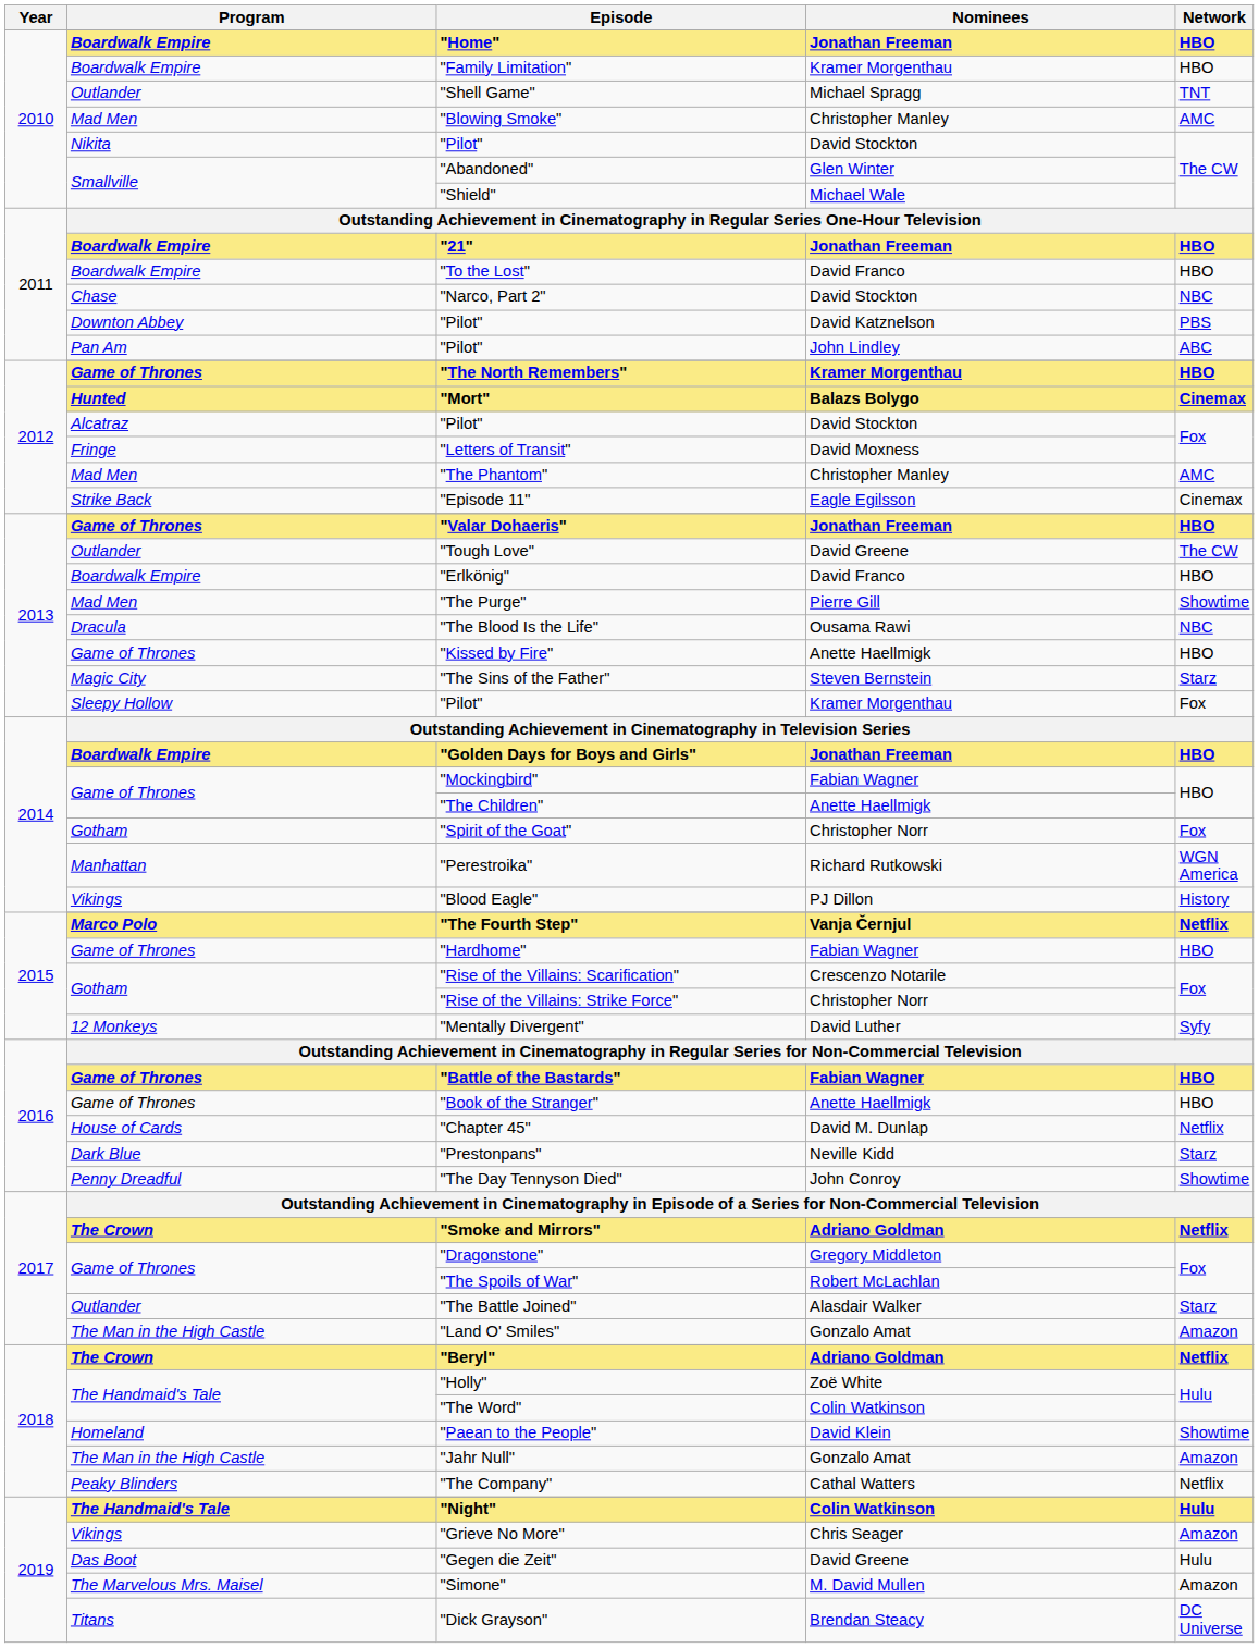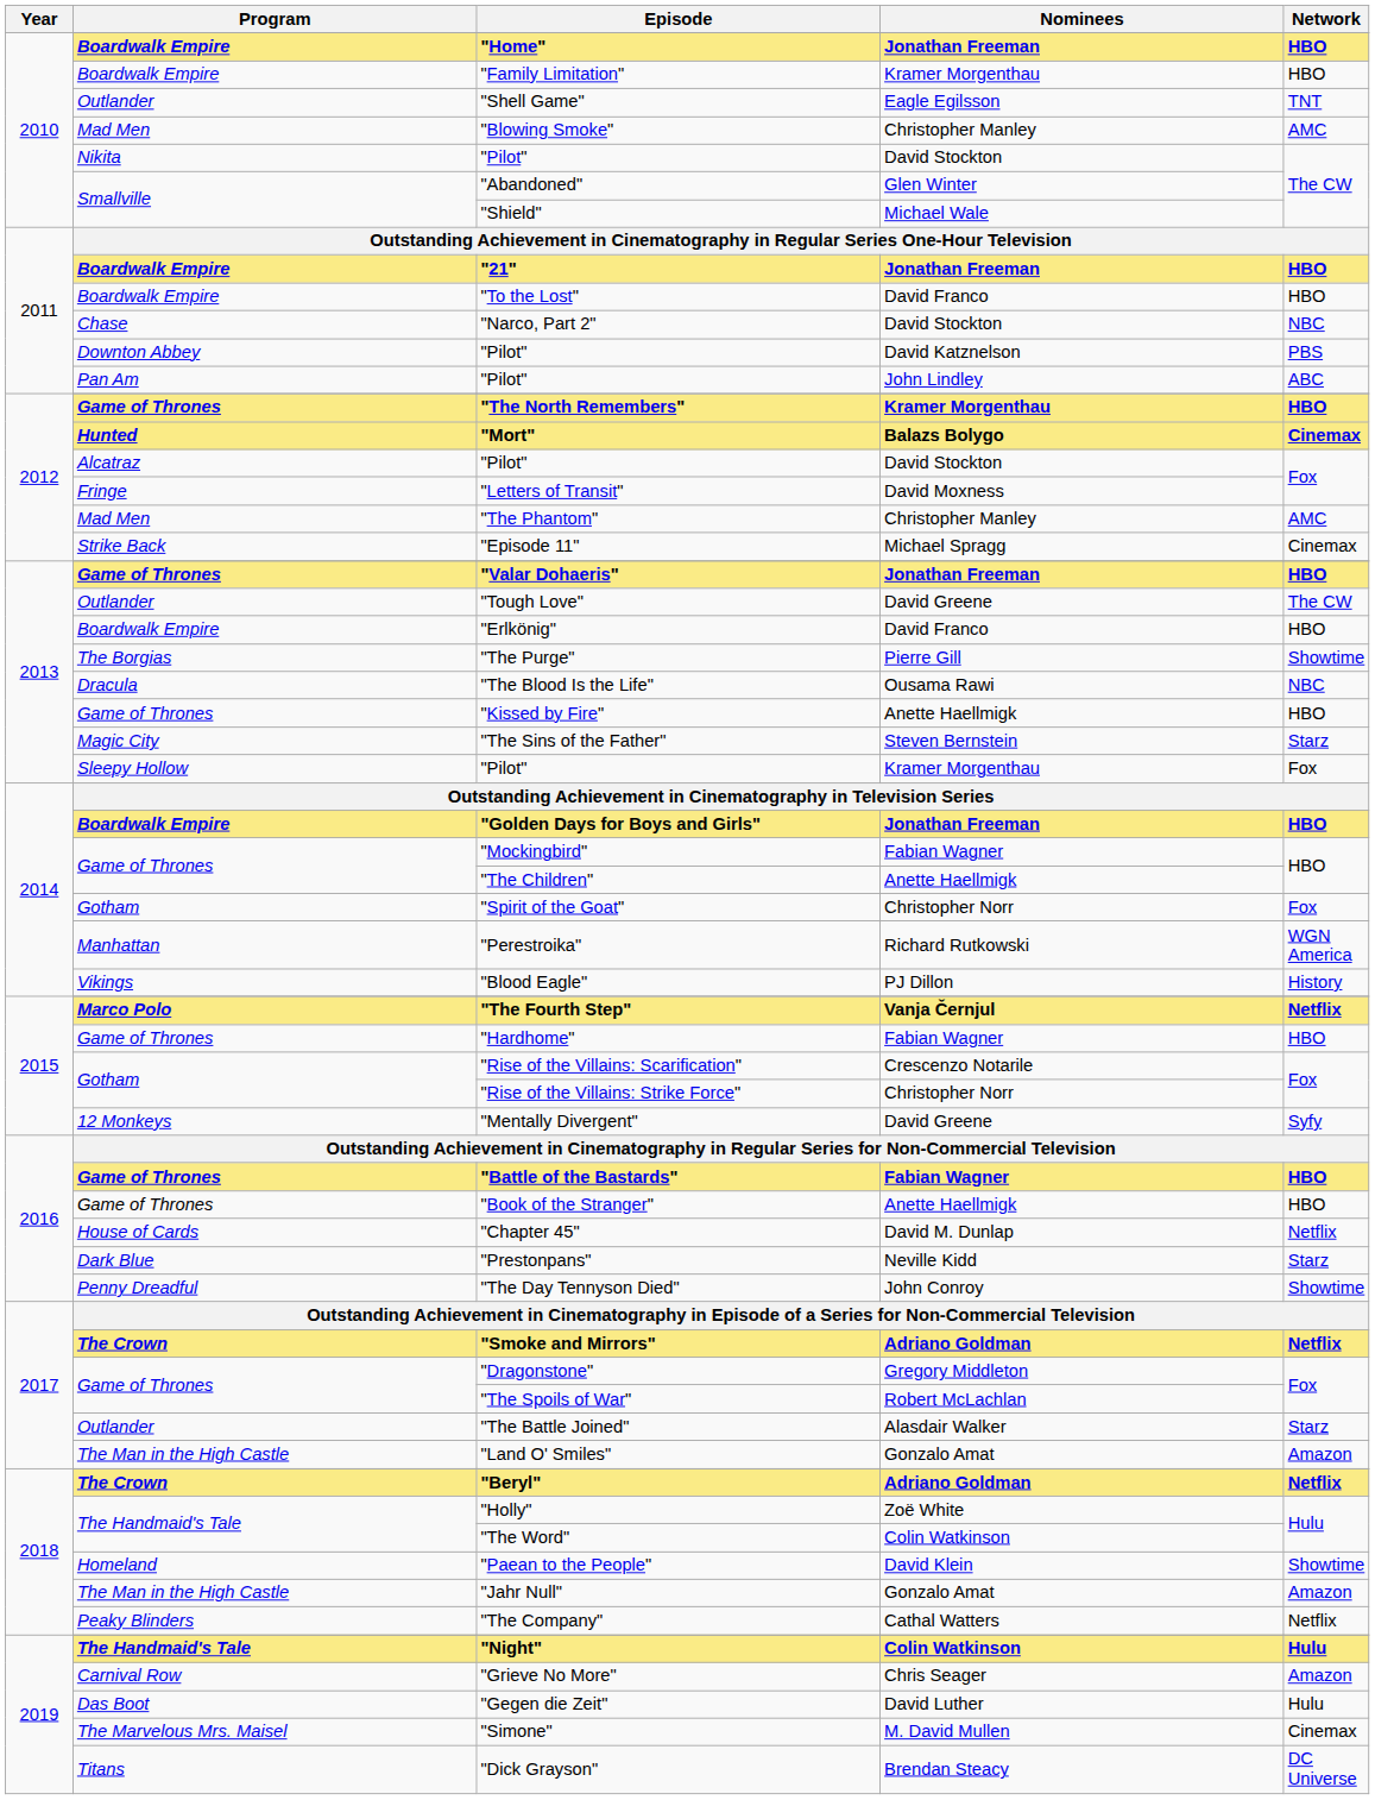 <table class="wikitable">
 <tr>
 <th width="5%">Year</th>
 <th width="30%">Program</th>
 <th width="30%">Episode</th>
 <th width="30%">Nominees</th>
 <th width="5%">Network</th>
 </tr>
 <tr>
 <td rowspan="8" style="text-align:center;"><a href='#'>2010</a><br></td>
 </tr>
 <tr style="background:#FAEB86;">
 <td><strong><em><a href='#'>Boardwalk Empire</a></em></strong></td>
 <td><strong>"<a href='#'>Home</a>"</strong></td>
 <td><strong><a href='#'>Jonathan Freeman</a></strong></td>
 <td><strong><a href='#'>HBO</a></strong></td>
 </tr>
 <tr>
 <td><em><a href='#'>Boardwalk Empire</a></em></td>
 <td>"<a href='#'>Family Limitation</a>"</td>
 <td><a href='#'>Kramer Morgenthau</a></td>
 <td>HBO</td>
 </tr>
 <tr>
 <td><em><a href='#'>Outlander</a></em></td>
 <td>"Shell Game"</td>
-<td>Michael Spragg</td>
+<td><a href='#'>Eagle Egilsson</a></td>
 <td><a href='#'>TNT</a></td>
 </tr>
 <tr>
 <td><em><a href='#'>Mad Men</a></em></td>
 <td>"<a href='#'>Blowing Smoke</a>"</td>
 <td>Christopher Manley</td>
 <td><a href='#'>AMC</a></td>
 </tr>
 <tr>
 <td><em><a href='#'>Nikita</a></em></td>
 <td>"<a href='#'>Pilot</a>"</td>
 <td>David Stockton</td>
 <td rowspan=3><a href='#'>The CW</a></td>
 </tr>
 <tr>
 <td rowspan=2><em><a href='#'>Smallville</a></em></td>
 <td>"Abandoned"</td>
 <td><a href='#'>Glen Winter</a></td>
 </tr>
 <tr>
 <td>"Shield"</td>
 <td><a href='#'>Michael Wale</a></td>
 </tr>
 <tr>
 <td rowspan="6" style="text-align:center;">2011<br></td>
 <th colspan="4">Outstanding Achievement in Cinematography in Regular Series One-Hour Television</th>
 </tr>
 <tr style="background:#FAEB86;">
 <td><strong><em><a href='#'>Boardwalk Empire</a></em></strong></td>
 <td><strong>"<a href='#'>21</a>"</strong></td>
 <td><strong><a href='#'>Jonathan Freeman</a></strong></td>
 <td><strong><a href='#'>HBO</a></strong></td>
 </tr>
 <tr>
 <td><em><a href='#'>Boardwalk Empire</a></em></td>
 <td>"<a href='#'>To the Lost</a>"</td>
 <td>David Franco</td>
 <td>HBO</td>
 </tr>
 <tr>
 <td><em><a href='#'>Chase</a></em></td>
 <td>"Narco, Part 2"</td>
 <td>David Stockton</td>
 <td><a href='#'>NBC</a></td>
 </tr>
 <tr>
 <td><em><a href='#'>Downton Abbey</a></em></td>
 <td>"Pilot"</td>
 <td>David Katznelson</td>
 <td><a href='#'>PBS</a></td>
 </tr>
 <tr>
 <td><em><a href='#'>Pan Am</a></em></td>
 <td>"Pilot"</td>
 <td><a href='#'>John Lindley</a></td>
 <td><a href='#'>ABC</a></td>
 </tr>
 <tr>
 <td rowspan="7" style="text-align:center;"><a href='#'>2012</a><br></td>
 </tr>
 <tr style="background:#FAEB86;">
 <td><strong><em><a href='#'>Game of Thrones</a></em></strong></td>
 <td><strong>"<a href='#'>The North Remembers</a>"</strong></td>
 <td><strong><a href='#'>Kramer Morgenthau</a></strong></td>
 <td><strong><a href='#'>HBO</a></strong></td>
 </tr>
 <tr style="background:#FAEB86;">
 <td><strong><em><a href='#'>Hunted</a></em></strong></td>
 <td><strong>"Mort"</strong></td>
 <td><strong>Balazs Bolygo</strong></td>
 <td><strong><a href='#'>Cinemax</a></strong></td>
 </tr>
 <tr>
 <td><em><a href='#'>Alcatraz</a></em></td>
 <td>"Pilot"</td>
 <td>David Stockton</td>
 <td rowspan=2><a href='#'>Fox</a></td>
 </tr>
 <tr>
 <td><em><a href='#'>Fringe</a></em></td>
 <td>"<a href='#'>Letters of Transit</a>"</td>
 <td>David Moxness</td>
 </tr>
 <tr>
 <td><em><a href='#'>Mad Men</a></em></td>
 <td>"<a href='#'>The Phantom</a>"</td>
 <td>Christopher Manley</td>
 <td><a href='#'>AMC</a></td>
 </tr>
 <tr>
 <td><em><a href='#'>Strike Back</a></em></td>
 <td>"Episode 11"</td>
-<td><a href='#'>Eagle Egilsson</a></td>
+<td>Michael Spragg</td>
 <td>Cinemax</td>
 </tr>
 <tr>
 <td rowspan="9" style="text-align:center;"><a href='#'>2013</a><br></td>
 </tr>
 <tr style="background:#FAEB86;">
 <td><strong><em><a href='#'>Game of Thrones</a></em></strong></td>
 <td><strong>"<a href='#'>Valar Dohaeris</a>"</strong></td>
 <td><strong><a href='#'>Jonathan Freeman</a></strong></td>
 <td><strong><a href='#'>HBO</a></strong></td>
 </tr>
 <tr>
 <td><em><a href='#'>Outlander</a></em></td>
 <td>"Tough Love"</td>
 <td>David Greene</td>
 <td><a href='#'>The CW</a></td>
 </tr>
 <tr>
 <td><em><a href='#'>Boardwalk Empire</a></em></td>
 <td>"Erlkönig"</td>
 <td>David Franco</td>
 <td>HBO</td>
 </tr>
 <tr>
-<td><em><a href='#'>Mad Men</a></em></td>
+<td><em><a href='#'>The Borgias</a></em></td>
 <td>"The Purge"</td>
 <td><a href='#'>Pierre Gill</a></td>
 <td><a href='#'>Showtime</a></td>
 </tr>
 <tr>
 <td><em><a href='#'>Dracula</a></em></td>
 <td>"The Blood Is the Life"</td>
 <td>Ousama Rawi</td>
 <td><a href='#'>NBC</a></td>
 </tr>
 <tr>
 <td><em><a href='#'>Game of Thrones</a></em></td>
 <td>"<a href='#'>Kissed by Fire</a>"</td>
 <td>Anette Haellmigk</td>
 <td>HBO</td>
 </tr>
 <tr>
 <td><em><a href='#'>Magic City</a></em></td>
 <td>"The Sins of the Father"</td>
 <td><a href='#'>Steven Bernstein</a></td>
 <td><a href='#'>Starz</a></td>
 </tr>
 <tr>
 <td><em><a href='#'>Sleepy Hollow</a></em></td>
 <td>"Pilot"</td>
 <td><a href='#'>Kramer Morgenthau</a></td>
 <td>Fox</td>
 </tr>
 <tr>
 <td rowspan="7" style="text-align:center;"><a href='#'>2014</a><br></td>
 <th colspan="4">Outstanding Achievement in Cinematography in Television Series</th>
 </tr>
 <tr style="background:#FAEB86;">
 <td><strong><em><a href='#'>Boardwalk Empire</a></em></strong></td>
 <td><strong>"Golden Days for Boys and Girls"</strong></td>
 <td><strong><a href='#'>Jonathan Freeman</a></strong></td>
 <td><strong><a href='#'>HBO</a></strong></td>
 </tr>
 <tr>
 <td rowspan=2><em><a href='#'>Game of Thrones</a></em></td>
 <td>"<a href='#'>Mockingbird</a>"</td>
 <td><a href='#'>Fabian Wagner</a></td>
 <td rowspan=2>HBO</td>
 </tr>
 <tr>
 <td>"<a href='#'>The Children</a>"</td>
 <td><a href='#'>Anette Haellmigk</a></td>
 </tr>
 <tr>
 <td><em><a href='#'>Gotham</a></em></td>
 <td>"<a href='#'>Spirit of the Goat</a>"</td>
 <td>Christopher Norr</td>
 <td><a href='#'>Fox</a></td>
 </tr>
 <tr>
 <td><em><a href='#'>Manhattan</a></em></td>
 <td>"Perestroika"</td>
 <td>Richard Rutkowski</td>
 <td><a href='#'>WGN America</a></td>
 </tr>
 <tr>
 <td><em><a href='#'>Vikings</a></em></td>
 <td>"Blood Eagle"</td>
 <td>PJ Dillon</td>
 <td><a href='#'>History</a></td>
 </tr>
 <tr>
 <td rowspan="6" style="text-align:center;"><a href='#'>2015</a><br></td>
 </tr>
 <tr style="background:#FAEB86;">
 <td><strong><em><a href='#'>Marco Polo</a></em></strong></td>
 <td><strong>"The Fourth Step"</strong></td>
 <td><strong>Vanja Černjul</strong></td>
 <td><strong><a href='#'>Netflix</a></strong></td>
 </tr>
 <tr>
 <td><em><a href='#'>Game of Thrones</a></em></td>
 <td>"<a href='#'>Hardhome</a>"</td>
 <td><a href='#'>Fabian Wagner</a></td>
 <td><a href='#'>HBO</a></td>
 </tr>
 <tr>
 <td rowspan=2><em><a href='#'>Gotham</a></em></td>
 <td>"<a href='#'>Rise of the Villains: Scarification</a>"</td>
 <td>Crescenzo Notarile</td>
 <td rowspan=2><a href='#'>Fox</a></td>
 </tr>
 <tr>
 <td>"<a href='#'>Rise of the Villains: Strike Force</a>"</td>
 <td>Christopher Norr</td>
 </tr>
 <tr>
 <td><em><a href='#'>12 Monkeys</a></em></td>
 <td>"Mentally Divergent"</td>
-<td>David Luther</td>
+<td>David Greene</td>
 <td><a href='#'>Syfy</a></td>
 </tr>
 <tr>
 <td rowspan="6" style="text-align:center;"><a href='#'>2016</a><br></td>
 <th colspan="4">Outstanding Achievement in Cinematography in Regular Series for Non-Commercial Television</th>
 </tr>
 <tr style="background:#FAEB86;">
 <td><strong><em><a href='#'>Game of Thrones</a></em></strong></td>
 <td><strong>"<a href='#'>Battle of the Bastards</a>"</strong></td>
 <td><strong><a href='#'>Fabian Wagner</a></strong></td>
 <td><strong><a href='#'>HBO</a></strong></td>
 </tr>
 <tr>
 <td><em>Game of Thrones</em></td>
 <td>"<a href='#'>Book of the Stranger</a>"</td>
 <td><a href='#'>Anette Haellmigk</a></td>
 <td>HBO</td>
 </tr>
 <tr>
 <td><em><a href='#'>House of Cards</a></em></td>
 <td>"Chapter 45"</td>
 <td>David M. Dunlap</td>
 <td><a href='#'>Netflix</a></td>
 </tr>
 <tr>
 <td><em><a href='#'>Dark Blue</a></em></td>
 <td>"Prestonpans"</td>
 <td>Neville Kidd</td>
 <td><a href='#'>Starz</a></td>
 </tr>
 <tr>
 <td><em><a href='#'>Penny Dreadful</a></em></td>
 <td>"The Day Tennyson Died"</td>
 <td>John Conroy</td>
 <td><a href='#'>Showtime</a></td>
 </tr>
 <tr>
 <td rowspan="6" style="text-align:center;"><a href='#'>2017</a><br></td>
 <th colspan="4">Outstanding Achievement in Cinematography in Episode of a Series for Non-Commercial Television</th>
 </tr>
 <tr style="background:#FAEB86;">
 <td><strong><em><a href='#'>The Crown</a></em></strong></td>
 <td><strong>"Smoke and Mirrors"</strong></td>
 <td><strong><a href='#'>Adriano Goldman</a></strong></td>
 <td><strong><a href='#'>Netflix</a></strong></td>
 </tr>
 <tr>
 <td rowspan="2"><em><a href='#'>Game of Thrones</a></em></td>
 <td>"<a href='#'>Dragonstone</a>"</td>
 <td><a href='#'>Gregory Middleton</a></td>
 <td rowspan="2"><a href='#'>Fox</a></td>
 </tr>
 <tr>
 <td>"<a href='#'>The Spoils of War</a>"</td>
 <td><a href='#'>Robert McLachlan</a></td>
 </tr>
 <tr>
 <td><em><a href='#'>Outlander</a></em></td>
 <td>"The Battle Joined"</td>
 <td>Alasdair Walker</td>
 <td><a href='#'>Starz</a></td>
 </tr>
 <tr>
 <td><em><a href='#'>The Man in the High Castle</a></em></td>
 <td>"Land O' Smiles"</td>
 <td>Gonzalo Amat</td>
 <td><a href='#'>Amazon</a></td>
 </tr>
 <tr>
 <td rowspan="7" style="text-align:center;"><a href='#'>2018</a><br></td>
 </tr>
 <tr style="background:#FAEB86;">
 <td><strong><em><a href='#'>The Crown</a></em></strong></td>
 <td><strong>"Beryl"</strong></td>
 <td><strong><a href='#'>Adriano Goldman</a></strong></td>
 <td><strong><a href='#'>Netflix</a></strong></td>
 </tr>
 <tr>
 <td rowspan="2"><em><a href='#'>The Handmaid's Tale</a></em></td>
 <td>"Holly"</td>
 <td>Zoë White</td>
 <td rowspan="2"><a href='#'>Hulu</a></td>
 </tr>
 <tr>
 <td>"The Word"</td>
 <td><a href='#'>Colin Watkinson</a></td>
 </tr>
 <tr>
 <td><em><a href='#'>Homeland</a></em></td>
 <td>"<a href='#'>Paean to the People</a>"</td>
 <td><a href='#'>David Klein</a></td>
 <td><a href='#'>Showtime</a></td>
 </tr>
 <tr>
 <td><em><a href='#'>The Man in the High Castle</a></em></td>
 <td>"Jahr Null"</td>
 <td>Gonzalo Amat</td>
 <td><a href='#'>Amazon</a></td>
 </tr>
 <tr>
 <td><em><a href='#'>Peaky Blinders</a></em></td>
 <td>"The Company"</td>
 <td>Cathal Watters</td>
 <td>Netflix</td>
 </tr>
 <tr>
 <td rowspan="6" style="text-align:center;"><a href='#'>2019</a><br></td>
 </tr>
 <tr style="background:#FAEB86;">
 <td><strong><em><a href='#'>The Handmaid's Tale</a></em></strong></td>
 <td><strong>"Night"</strong></td>
 <td><strong><a href='#'>Colin Watkinson</a></strong></td>
 <td><strong><a href='#'>Hulu</a></strong></td>
 </tr>
 <tr>
-<td><em><a href='#'>Vikings</a></em></td>
+<td><em><a href='#'>Carnival Row</a></em></td>
 <td>"Grieve No More"</td>
 <td>Chris Seager</td>
 <td><a href='#'>Amazon</a></td>
 </tr>
 <tr>
 <td><em><a href='#'>Das Boot</a></em></td>
 <td>"Gegen die Zeit"</td>
-<td>David Greene</td>
+<td>David Luther</td>
 <td>Hulu</td>
 </tr>
 <tr>
 <td><em><a href='#'>The Marvelous Mrs. Maisel</a></em></td>
 <td>"Simone"</td>
 <td><a href='#'>M. David Mullen</a></td>
-<td>Amazon</td>
+<td>Cinemax</td>
 </tr>
 <tr>
 <td><em><a href='#'>Titans</a></em></td>
 <td>"Dick Grayson"</td>
 <td><a href='#'>Brendan Steacy</a></td>
 <td><a href='#'>DC Universe</a></td>
 </tr>
 </table>
